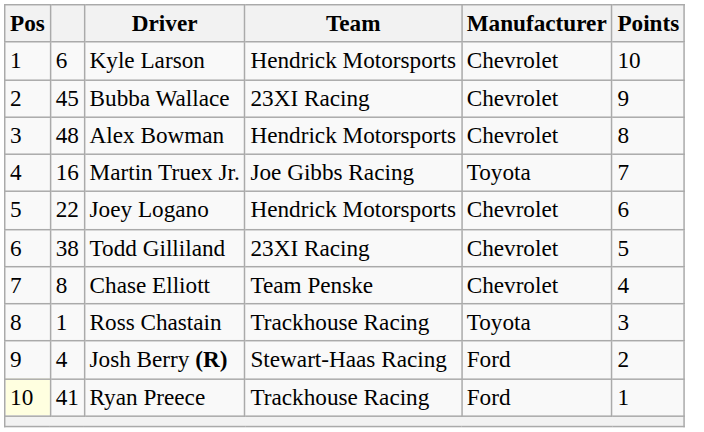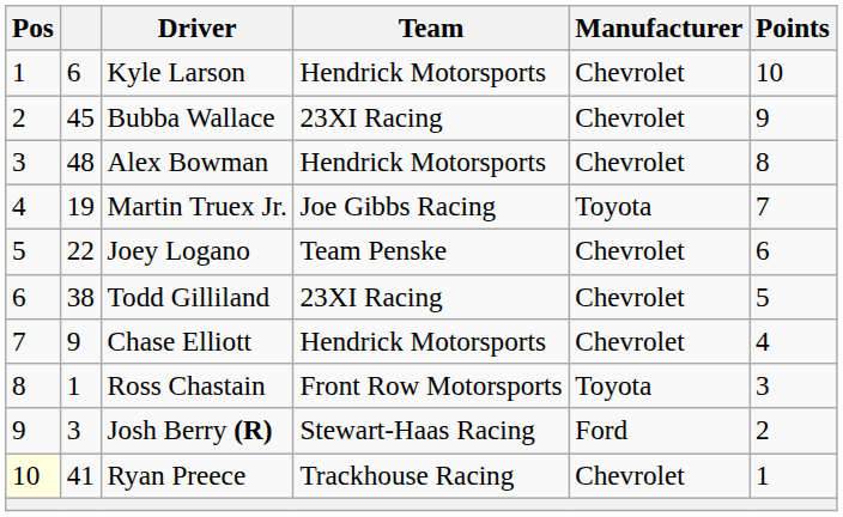 <table class="wikitable" style="font-size:98%">
 <tr>
 <th>Pos</th>
 <th></th>
 <th>Driver</th>
 <th>Team</th>
 <th>Manufacturer</th>
 <th>Points</th>
 </tr>
 <tr>
 <td>1</td>
 <td>6</td>
 <td>Kyle Larson</td>
 <td>Hendrick Motorsports</td>
 <td>Chevrolet</td>
 <td>10</td>
 </tr>
 <tr>
 <td>2</td>
 <td>45</td>
 <td>Bubba Wallace</td>
 <td>23XI Racing</td>
 <td>Chevrolet</td>
 <td>9</td>
 </tr>
 <tr>
 <td>3</td>
 <td>48</td>
 <td>Alex Bowman</td>
 <td>Hendrick Motorsports</td>
 <td>Chevrolet</td>
 <td>8</td>
 </tr>
 <tr>
 <td>4</td>
-<td>16</td>
+<td>19</td>
 <td>Martin Truex Jr.</td>
 <td>Joe Gibbs Racing</td>
 <td>Toyota</td>
 <td>7</td>
 </tr>
 <tr>
 <td>5</td>
 <td>22</td>
 <td>Joey Logano</td>
-<td>Hendrick Motorsports</td>
+<td>Team Penske</td>
 <td>Chevrolet</td>
 <td>6</td>
 </tr>
 <tr>
 <td>6</td>
 <td>38</td>
 <td>Todd Gilliland</td>
 <td>23XI Racing</td>
 <td>Chevrolet</td>
 <td>5</td>
 </tr>
 <tr>
 <td>7</td>
-<td>8</td>
+<td>9</td>
 <td>Chase Elliott</td>
-<td>Team Penske</td>
+<td>Hendrick Motorsports</td>
 <td>Chevrolet</td>
 <td>4</td>
 </tr>
 <tr>
 <td>8</td>
 <td>1</td>
 <td>Ross Chastain</td>
-<td>Trackhouse Racing</td>
+<td>Front Row Motorsports</td>
 <td>Toyota</td>
 <td>3</td>
 </tr>
 <tr>
 <td>9</td>
-<td>4</td>
+<td>3</td>
 <td>Josh Berry <strong>(R)</strong></td>
 <td>Stewart-Haas Racing</td>
 <td>Ford</td>
 <td>2</td>
 </tr>
 <tr>
 <td style="background: lightyellow;">10</td>
 <td>41</td>
 <td>Ryan Preece</td>
 <td>Trackhouse Racing</td>
-<td>Ford</td>
+<td>Chevrolet</td>
 <td>1</td>
 </tr>
 <tr>
 <th colspan="6"></th>
 </tr>
 </table>
